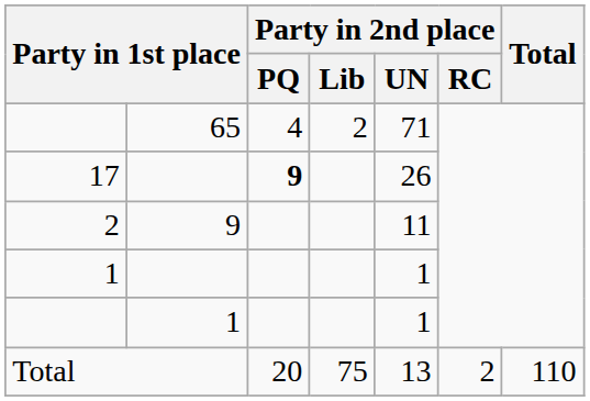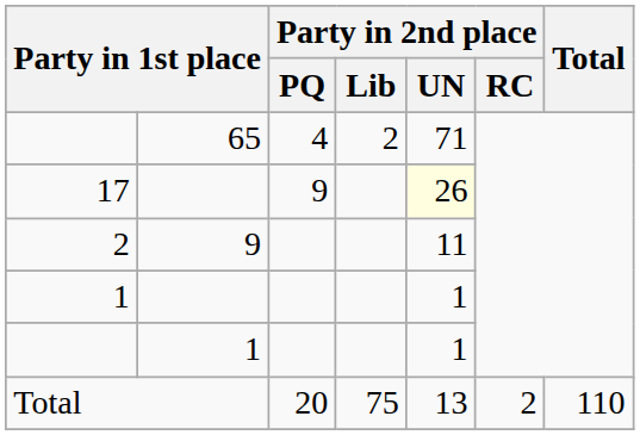 <table class="wikitable" style="text-align:right;">
 <tr>
 <th rowspan="2" colspan="2" style="text-align:left;">Party in 1st place</th>
 <th colspan="4">Party in 2nd place</th>
 <th rowspan="2">Total</th>
 </tr>
 <tr>
 <th>PQ</th>
 <th>Lib</th>
 <th>UN</th>
 <th>RC</th>
 </tr>
 <tr>
 <td></td>
 <td>65</td>
 <td>4</td>
 <td>2</td>
 <td>71</td>
 </tr>
 <tr>
 <td>17</td>
 <td></td>
-<td><strong>9</strong></td>
+<td>9</td>
 <td></td>
-<td>26</td>
+<td style="background: lightyellow;">26</td>
 </tr>
 <tr>
 <td>2</td>
 <td>9</td>
 <td></td>
 <td></td>
 <td>11</td>
 </tr>
 <tr>
 <td>1</td>
 <td></td>
 <td></td>
 <td></td>
 <td>1</td>
 </tr>
 <tr>
 <td></td>
 <td>1</td>
 <td></td>
 <td></td>
 <td>1</td>
 </tr>
 <tr>
 <td colspan="2" style="text-align:left;">Total</td>
 <td>20</td>
 <td>75</td>
 <td>13</td>
 <td>2</td>
 <td>110</td>
 </tr>
 </table>
